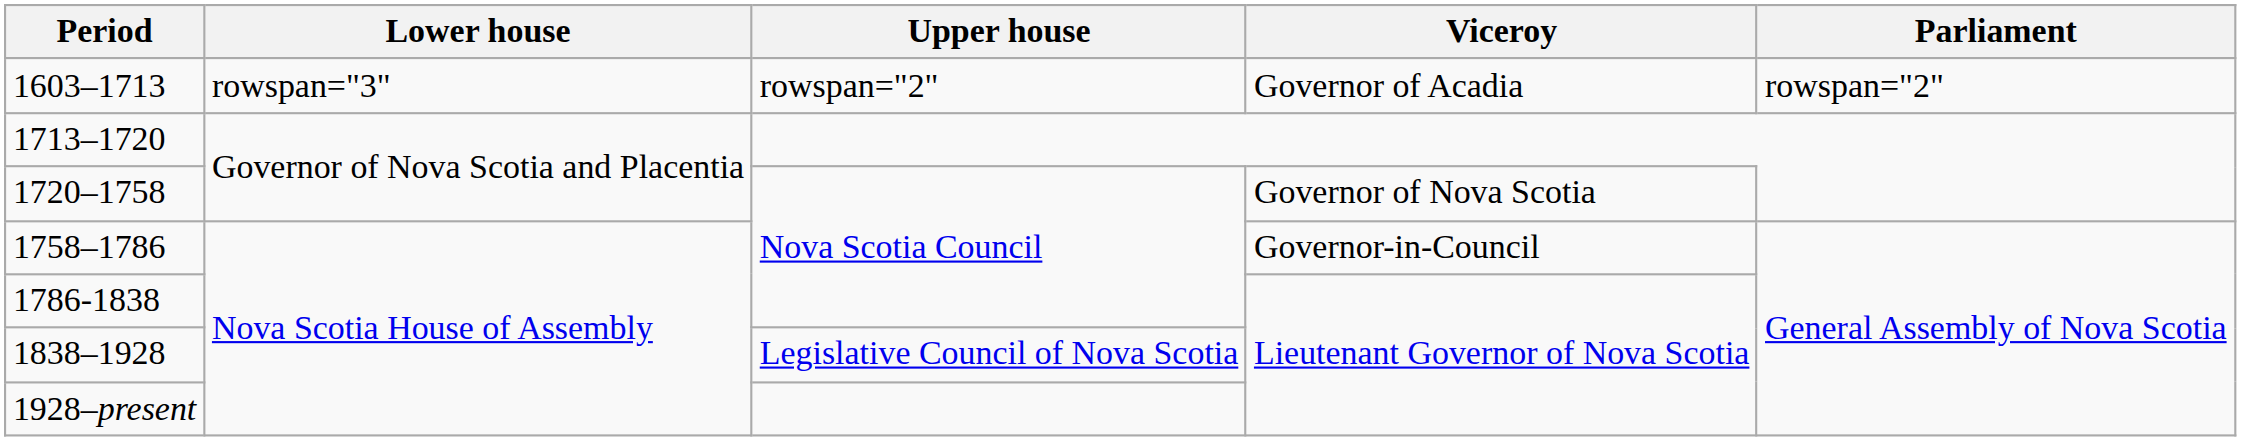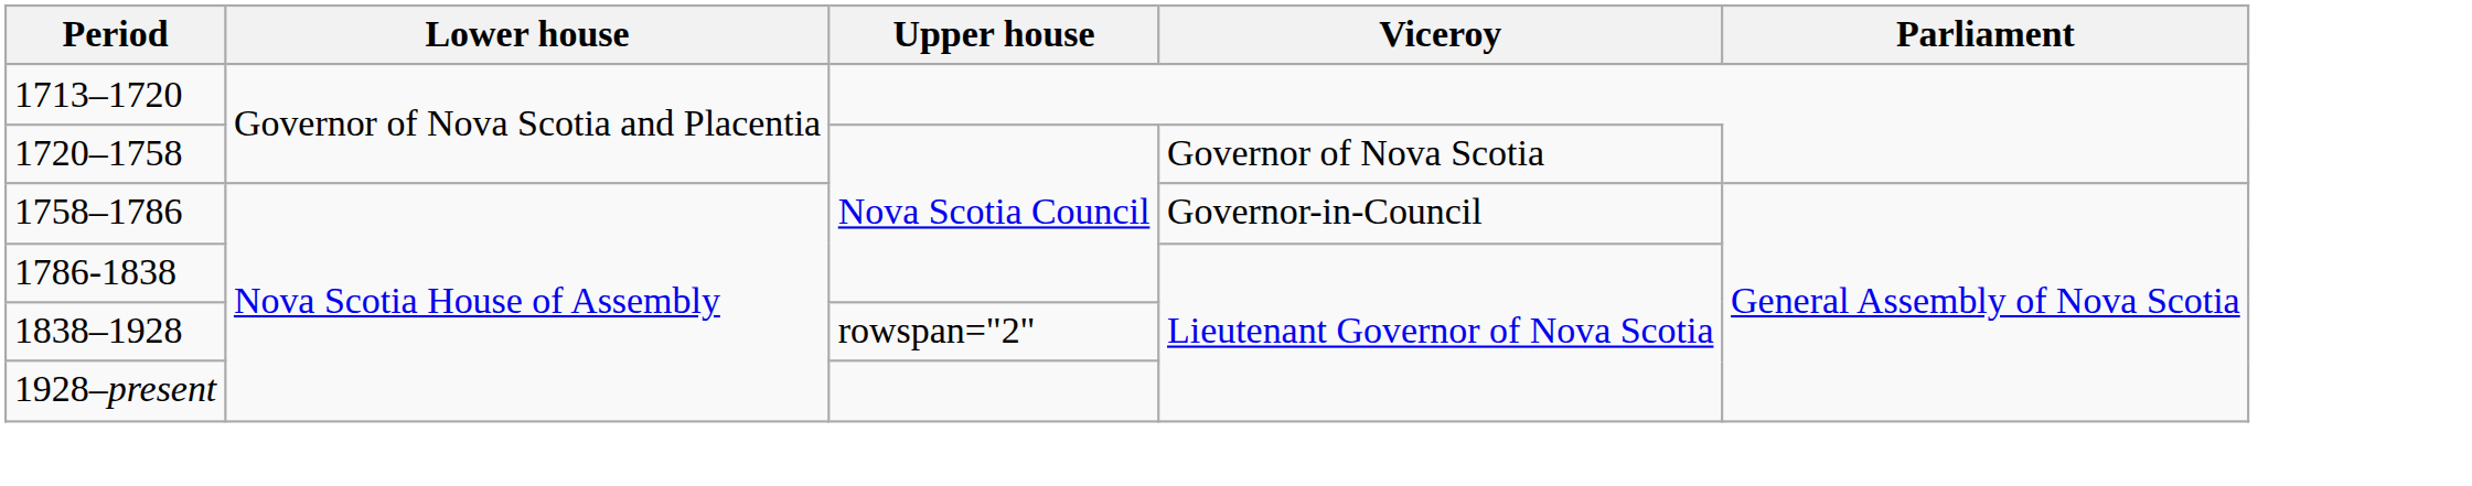 <table class="wikitable">
 <tr>
 <th>Period</th>
 <th>Lower house</th>
 <th>Upper house</th>
 <th>Viceroy</th>
 <th>Parliament</th>
-</tr>
-<tr>
-<td>1603–1713</td>
-<td>rowspan="3" </td>
-<td>rowspan="2" </td>
-<td>Governor of Acadia</td>
-<td>rowspan="2" </td>
 </tr>
 <tr>
 <td>1713–1720</td>
 <td rowspan="2">Governor of Nova Scotia and Placentia</td>
 </tr>
 <tr>
 <td>1720–1758</td>
 <td rowspan="3"><a href='#'>Nova Scotia Council</a></td>
 <td>Governor of Nova Scotia</td>
 </tr>
 <tr>
 <td>1758–1786</td>
 <td rowspan="4"><a href='#'>Nova Scotia House of Assembly</a></td>
 <td>Governor-in-Council</td>
 <td rowspan="4"><a href='#'>General Assembly of Nova Scotia</a></td>
 </tr>
 <tr>
 <td>1786-1838</td>
 <td rowspan="3"><a href='#'>Lieutenant Governor of Nova Scotia</a></td>
 </tr>
 <tr>
 <td>1838–1928</td>
-<td><a href='#'>Legislative Council of Nova Scotia</a></td>
+<td>rowspan="2" </td>
 </tr>
 <tr>
 <td>1928–<em>present</em></td>
 <td></td>
 </tr>
 </table>
